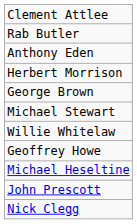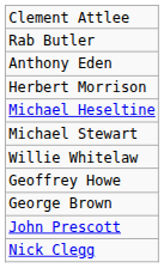 <table class="wikitable">
 <tr>
 <td>Clement Attlee</td>
 </tr>
 <tr>
 <td>Rab Butler</td>
 </tr>
 <tr>
 <td>Anthony Eden</td>
 </tr>
 <tr>
 <td>Herbert Morrison</td>
 </tr>
 <tr>
-<td>George Brown</td>
+<td><a href='#'>Michael Heseltine</a></td>
 </tr>
 <tr>
 <td>Michael Stewart</td>
 </tr>
 <tr>
 <td>Willie Whitelaw</td>
 </tr>
 <tr>
 <td>Geoffrey Howe</td>
 </tr>
 <tr>
-<td><a href='#'>Michael Heseltine</a></td>
+<td>George Brown</td>
 </tr>
 <tr>
 <td><a href='#'>John Prescott</a></td>
 </tr>
 <tr>
 <td><a href='#'>Nick Clegg</a></td>
 </tr>
 </table>
